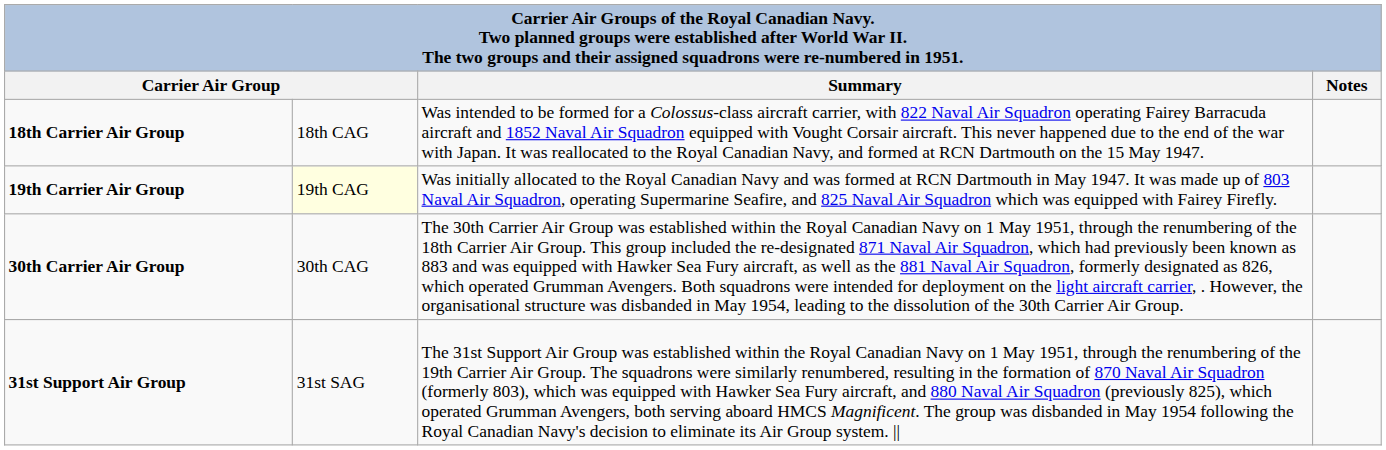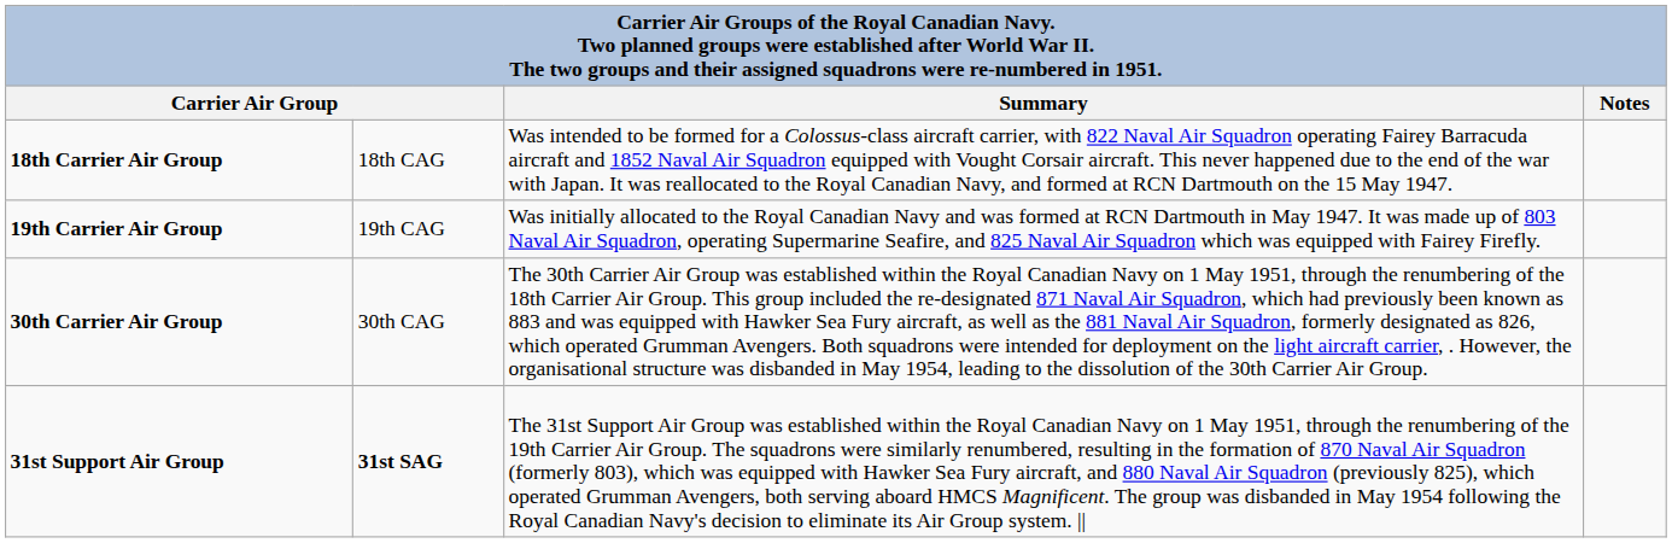 <table class="wikitable" style="margin:auto; width:100%;">
 <tr>
 <th style="align: center; background:#B0C4DE;" colspan=5>Carrier Air Groups of the Royal Canadian Navy.<br> Two planned groups were established after World War II.<br> The two groups and their assigned squadrons were re-numbered in 1951.</th>
 </tr>
 <tr>
 <th style="text-align:center; width:30%;" colspan=2>Carrier Air Group</th>
 <th style="text-align:center; width:65%;">Summary</th>
 <th style="text-align:center; width:5%;">Notes</th>
 </tr>
 <tr>
 <td style="text-align:centre;"><strong>18th Carrier Air Group</strong></td>
 <td>18th CAG</td>
 <td align=left>Was intended to be formed for a <em>Colossus</em>-class aircraft carrier, with <a href='#'>822 Naval Air Squadron</a> operating Fairey Barracuda aircraft and <a href='#'>1852 Naval Air Squadron</a> equipped with Vought Corsair aircraft. This never happened due to the end of the war with Japan. It was reallocated to the Royal Canadian Navy, and formed at RCN Dartmouth on the 15 May 1947.</td>
 <td></td>
 </tr>
 <tr>
 <td style="text-align:centre;"><strong>19th Carrier Air Group</strong></td>
-<td style="background: lightyellow;">19th CAG</td>
+<td>19th CAG</td>
 <td align=left>Was initially allocated to the Royal Canadian Navy and was formed at RCN Dartmouth in May 1947. It was made up of <a href='#'>803 Naval Air Squadron</a>, operating Supermarine Seafire, and <a href='#'>825 Naval Air Squadron</a> which was equipped with Fairey Firefly.</td>
 <td></td>
 </tr>
 <tr>
 <td style="text-align:centre;"><strong>30th Carrier Air Group</strong></td>
 <td>30th CAG</td>
 <td align=left>The 30th Carrier Air Group was established within the Royal Canadian Navy on 1 May 1951, through the renumbering of the 18th Carrier Air Group. This group included the re-designated <a href='#'>871 Naval Air Squadron</a>, which had previously been known as 883 and was equipped with Hawker Sea Fury aircraft, as well as the <a href='#'>881 Naval Air Squadron</a>, formerly designated as 826, which operated Grumman Avengers. Both squadrons were intended for deployment on the  <a href='#'>light aircraft carrier</a>, . However, the organisational structure was disbanded in May 1954, leading to the dissolution of the 30th Carrier Air Group.</td>
 <td></td>
 </tr>
 <tr>
 <td style="text-align:centre;"><strong>31st Support Air Group</strong></td>
-<td>31st SAG</td>
+<td><strong>31st SAG</strong></td>
 <td align=left><br>The 31st Support Air Group was established within the Royal Canadian Navy on 1 May 1951, through the renumbering of the 19th Carrier Air Group. The squadrons were similarly renumbered, resulting in the formation of <a href='#'>870 Naval Air Squadron</a> (formerly 803), which was equipped with Hawker Sea Fury aircraft, and <a href='#'>880 Naval Air Squadron</a> (previously 825), which operated Grumman Avengers, both serving aboard HMCS <em>Magnificent</em>. The group was disbanded in May 1954 following the Royal Canadian Navy's decision to eliminate its Air Group system. || </td>
 </tr>
 </table>
